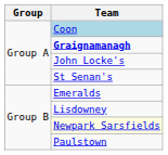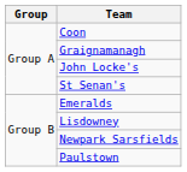 <table class="wikitable sortable">
 <tr>
 <th>Group</th>
 <th>Team</th>
 </tr>
 <tr>
 <td rowspan=4>Group A</td>
-<td style="background: lightblue;"><a href='#'>Coon</a></td>
+<td><a href='#'>Coon</a></td>
 </tr>
 <tr>
-<td><strong><a href='#'>Graignamanagh</a></strong></td>
+<td><a href='#'>Graignamanagh</a></td>
 </tr>
 <tr>
 <td><a href='#'>John Locke's</a></td>
 </tr>
 <tr>
 <td><a href='#'>St Senan's</a> </td>
 </tr>
 <tr>
 <td rowspan=4>Group B</td>
 <td><a href='#'>Emeralds</a></td>
 </tr>
 <tr>
 <td><a href='#'>Lisdowney</a></td>
 </tr>
 <tr>
-<td style="background: lightyellow;"><a href='#'>Newpark Sarsfields</a></td>
+<td><a href='#'>Newpark Sarsfields</a></td>
 </tr>
 <tr>
 <td><a href='#'>Paulstown</a></td>
 </tr>
 </table>
